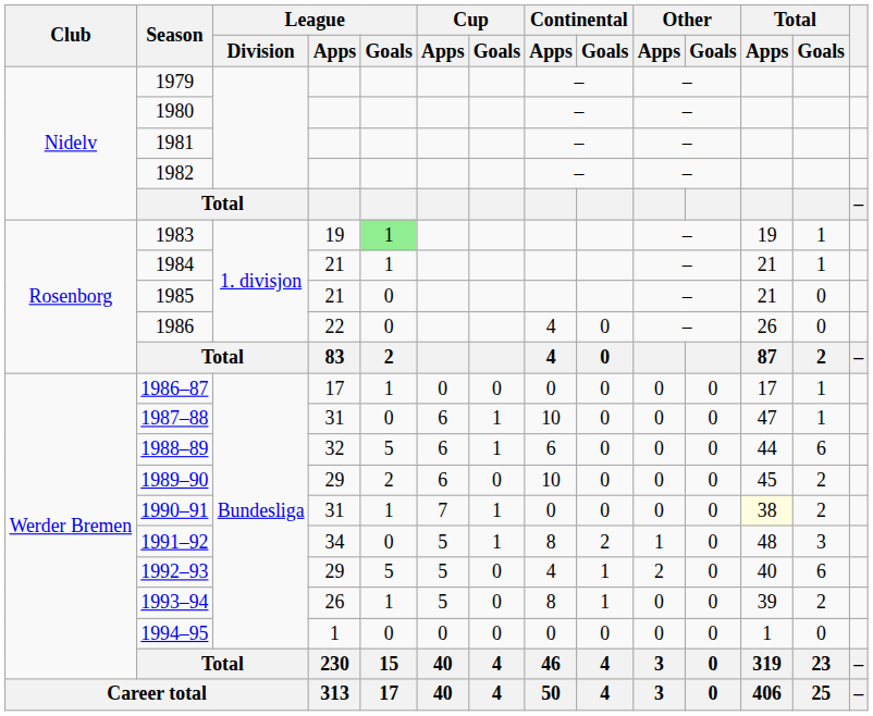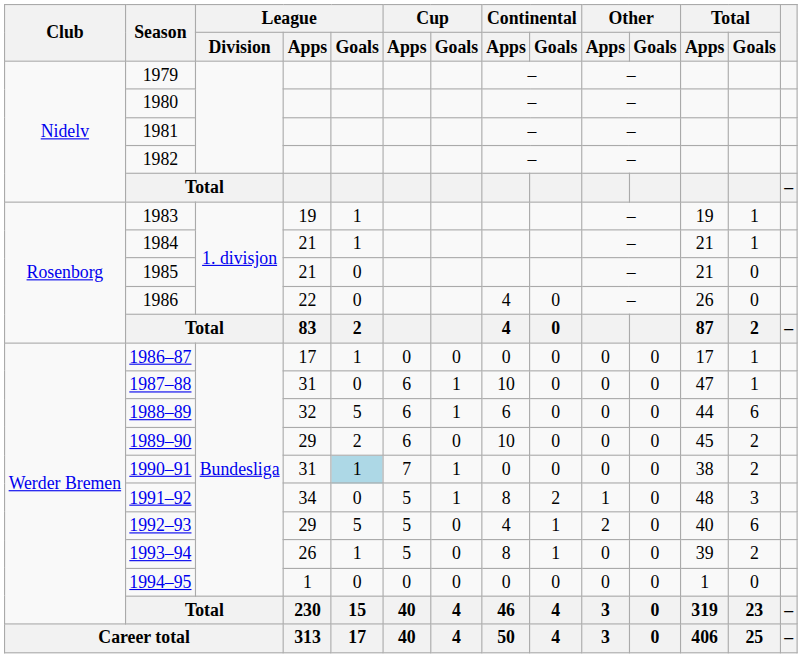 <table class="wikitable" style="text-align: center">
 <tr>
 <th rowspan="2">Club</th>
 <th rowspan="2">Season</th>
 <th colspan="3">League</th>
 <th colspan="2">Cup</th>
 <th colspan="2">Continental</th>
 <th colspan="2">Other</th>
 <th colspan="2">Total</th>
 <th rowspan="2"></th>
 </tr>
 <tr>
 <th>Division</th>
 <th>Apps</th>
 <th>Goals</th>
 <th>Apps</th>
 <th>Goals</th>
 <th>Apps</th>
 <th>Goals</th>
 <th>Apps</th>
 <th>Goals</th>
 <th>Apps</th>
 <th>Goals</th>
 </tr>
 <tr>
 <td rowspan="5"><a href='#'>Nidelv</a></td>
 <td>1979</td>
 <td rowspan="4"></td>
 <td></td>
 <td></td>
 <td></td>
 <td></td>
 <td colspan="2">–</td>
 <td colspan="2">–</td>
 <td></td>
 <td></td>
 <td></td>
 </tr>
 <tr>
 <td>1980</td>
 <td></td>
 <td></td>
 <td></td>
 <td></td>
 <td colspan="2">–</td>
 <td colspan="2">–</td>
 <td></td>
 <td></td>
 <td></td>
 </tr>
 <tr>
 <td>1981</td>
 <td></td>
 <td></td>
 <td></td>
 <td></td>
 <td colspan="2">–</td>
 <td colspan="2">–</td>
 <td></td>
 <td></td>
 <td></td>
 </tr>
 <tr>
 <td>1982</td>
 <td></td>
 <td></td>
 <td></td>
 <td></td>
 <td colspan="2">–</td>
 <td colspan="2">–</td>
 <td></td>
 <td></td>
 <td></td>
 </tr>
 <tr>
 <th colspan="2">Total</th>
 <th></th>
 <th></th>
 <th></th>
 <th></th>
 <th></th>
 <th></th>
 <th></th>
 <th></th>
 <th></th>
 <th></th>
 <th>–</th>
 </tr>
 <tr>
 <td rowspan="5"><a href='#'>Rosenborg</a></td>
 <td>1983</td>
 <td rowspan="4"><a href='#'>1. divisjon</a></td>
 <td>19</td>
-<td style="background: lightgreen;">1</td>
+<td>1</td>
 <td></td>
 <td></td>
 <td></td>
 <td></td>
 <td colspan="2">–</td>
 <td>19</td>
 <td>1</td>
 <td></td>
 </tr>
 <tr>
 <td>1984</td>
 <td>21</td>
 <td>1</td>
 <td></td>
 <td></td>
 <td></td>
 <td></td>
 <td colspan="2">–</td>
 <td>21</td>
 <td>1</td>
 <td></td>
 </tr>
 <tr>
 <td>1985</td>
 <td>21</td>
 <td>0</td>
 <td></td>
 <td></td>
 <td></td>
 <td></td>
 <td colspan="2">–</td>
 <td>21</td>
 <td>0</td>
 <td></td>
 </tr>
 <tr>
 <td>1986</td>
 <td>22</td>
 <td>0</td>
 <td></td>
 <td></td>
 <td>4</td>
 <td>0</td>
 <td colspan="2">–</td>
 <td>26</td>
 <td>0</td>
 <td></td>
 </tr>
 <tr>
 <th colspan="2">Total</th>
 <th>83</th>
 <th>2</th>
 <th></th>
 <th></th>
 <th>4</th>
 <th>0</th>
 <th></th>
 <th></th>
 <th>87</th>
 <th>2</th>
 <th>–</th>
 </tr>
 <tr>
 <td rowspan="10"><a href='#'>Werder Bremen</a></td>
 <td><a href='#'>1986–87</a></td>
 <td rowspan="9"><a href='#'>Bundesliga</a></td>
 <td>17</td>
 <td>1</td>
 <td>0</td>
 <td>0</td>
 <td>0</td>
 <td>0</td>
 <td>0</td>
 <td>0</td>
 <td>17</td>
 <td>1</td>
 <td></td>
 </tr>
 <tr>
 <td><a href='#'>1987–88</a></td>
 <td>31</td>
 <td>0</td>
 <td>6</td>
 <td>1</td>
 <td>10</td>
 <td>0</td>
 <td>0</td>
 <td>0</td>
 <td>47</td>
 <td>1</td>
 <td></td>
 </tr>
 <tr>
 <td><a href='#'>1988–89</a></td>
 <td>32</td>
 <td>5</td>
 <td>6</td>
 <td>1</td>
 <td>6</td>
 <td>0</td>
 <td>0</td>
 <td>0</td>
 <td>44</td>
 <td>6</td>
 <td></td>
 </tr>
 <tr>
 <td><a href='#'>1989–90</a></td>
 <td>29</td>
 <td>2</td>
 <td>6</td>
 <td>0</td>
 <td>10</td>
 <td>0</td>
 <td>0</td>
 <td>0</td>
 <td>45</td>
 <td>2</td>
 <td></td>
 </tr>
 <tr>
 <td><a href='#'>1990–91</a></td>
 <td>31</td>
-<td>1</td>
+<td style="background: lightblue;">1</td>
 <td>7</td>
 <td>1</td>
 <td>0</td>
 <td>0</td>
 <td>0</td>
 <td>0</td>
-<td style="background: lightyellow;">38</td>
+<td>38</td>
 <td>2</td>
 <td></td>
 </tr>
 <tr>
 <td><a href='#'>1991–92</a></td>
 <td>34</td>
 <td>0</td>
 <td>5</td>
 <td>1</td>
 <td>8</td>
 <td>2</td>
 <td>1</td>
 <td>0</td>
 <td>48</td>
 <td>3</td>
 <td></td>
 </tr>
 <tr>
 <td><a href='#'>1992–93</a></td>
 <td>29</td>
 <td>5</td>
 <td>5</td>
 <td>0</td>
 <td>4</td>
 <td>1</td>
 <td>2</td>
 <td>0</td>
 <td>40</td>
 <td>6</td>
 <td></td>
 </tr>
 <tr>
 <td><a href='#'>1993–94</a></td>
 <td>26</td>
 <td>1</td>
 <td>5</td>
 <td>0</td>
 <td>8</td>
 <td>1</td>
 <td>0</td>
 <td>0</td>
 <td>39</td>
 <td>2</td>
 <td></td>
 </tr>
 <tr>
 <td><a href='#'>1994–95</a></td>
 <td>1</td>
 <td>0</td>
 <td>0</td>
 <td>0</td>
 <td>0</td>
 <td>0</td>
 <td>0</td>
 <td>0</td>
 <td>1</td>
 <td>0</td>
 <td></td>
 </tr>
 <tr>
 <th colspan="2">Total</th>
 <th>230</th>
 <th>15</th>
 <th>40</th>
 <th>4</th>
 <th>46</th>
 <th>4</th>
 <th>3</th>
 <th>0</th>
 <th>319</th>
 <th>23</th>
 <th>–</th>
 </tr>
 <tr>
 <th colspan="3">Career total</th>
 <th>313</th>
 <th>17</th>
 <th>40</th>
 <th>4</th>
 <th>50</th>
 <th>4</th>
 <th>3</th>
 <th>0</th>
 <th>406</th>
 <th>25</th>
 <th>–</th>
 </tr>
 </table>
